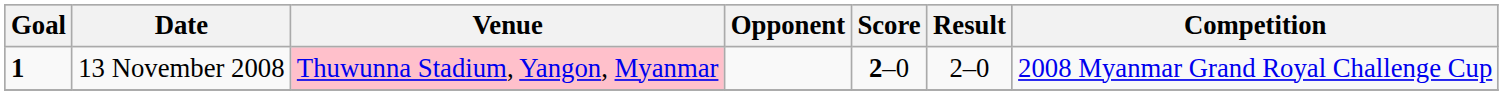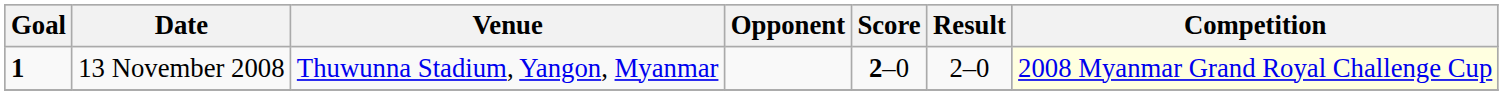 <table class="wikitable">
 <tr>
 <th>Goal</th>
 <th>Date</th>
 <th>Venue</th>
 <th>Opponent</th>
 <th>Score</th>
 <th>Result</th>
 <th>Competition</th>
 </tr>
 <tr>
 <td><strong>1</strong></td>
 <td>13 November 2008</td>
-<td style="background: pink;"><a href='#'>Thuwunna Stadium</a>, <a href='#'>Yangon</a>, <a href='#'>Myanmar</a></td>
+<td><a href='#'>Thuwunna Stadium</a>, <a href='#'>Yangon</a>, <a href='#'>Myanmar</a></td>
 <td></td>
 <td align=center><strong>2</strong>–0</td>
 <td align=center>2–0</td>
-<td><a href='#'>2008 Myanmar Grand Royal Challenge Cup</a></td>
+<td style="background: lightyellow;"><a href='#'>2008 Myanmar Grand Royal Challenge Cup</a></td>
 </tr>
 <tr>
 </tr>
 </table>
